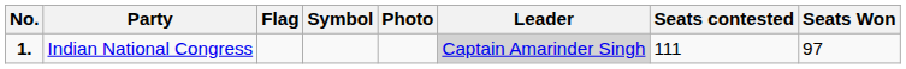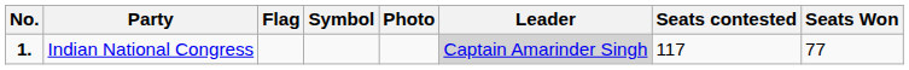 <table class="wikitable">
 <tr>
 <th>No.</th>
 <th>Party</th>
 <th>Flag</th>
 <th>Symbol</th>
 <th>Photo</th>
 <th>Leader</th>
 <th>Seats contested</th>
 <th>Seats Won</th>
 </tr>
 <tr>
 <td style="text-align:center; background:"><strong>1.</strong></td>
 <td><a href='#'>Indian National Congress</a></td>
 <td></td>
 <td></td>
 <td></td>
 <td style="background: lightgrey;"><a href='#'>Captain Amarinder Singh</a></td>
-<td>111</td>
-<td>97</td>
+<td>117</td>
+<td>77</td>
 </tr>
 </table>
